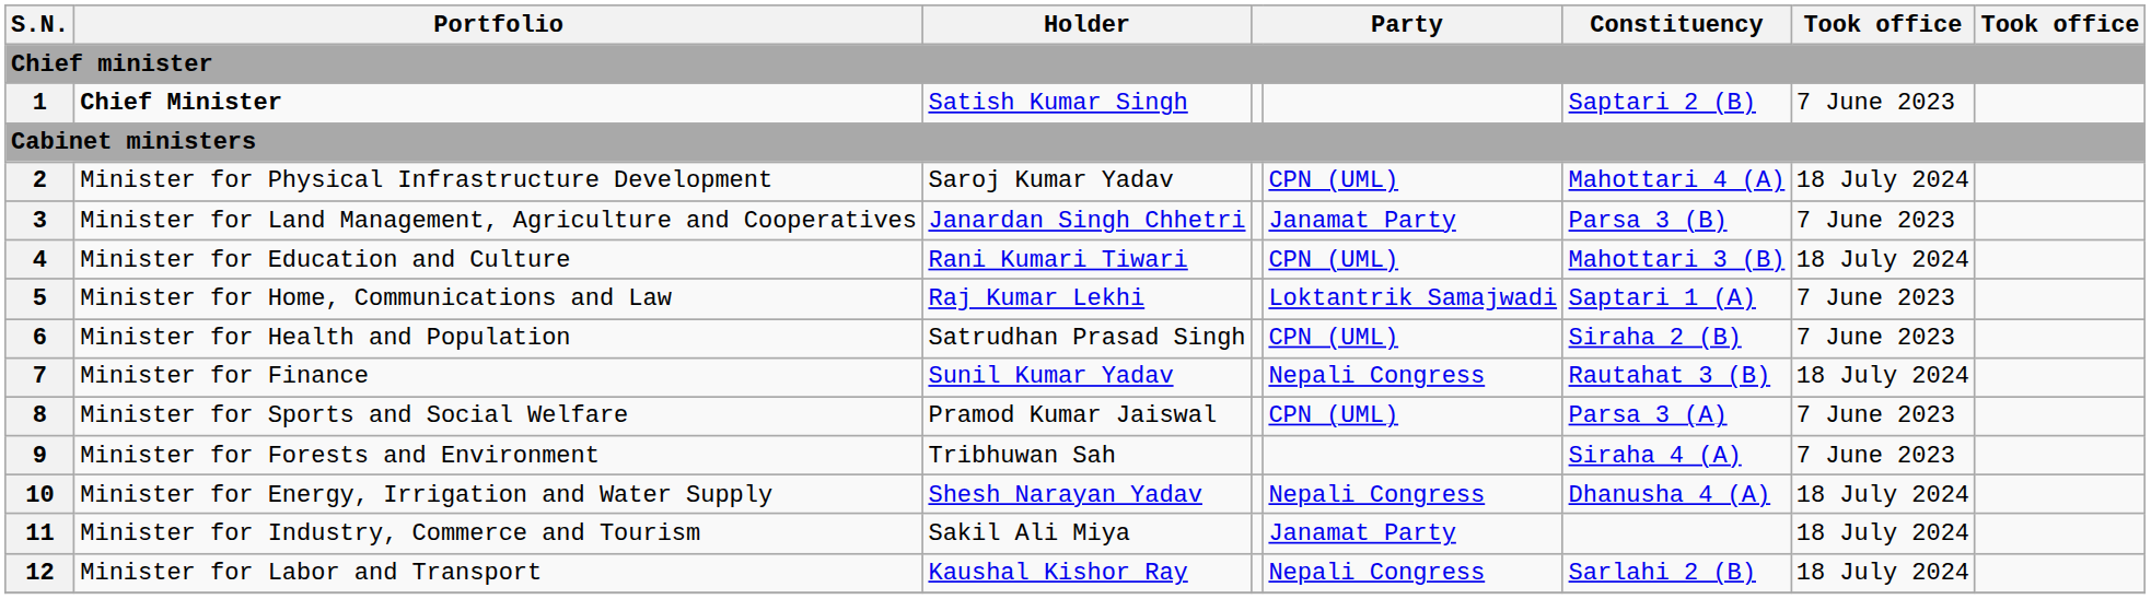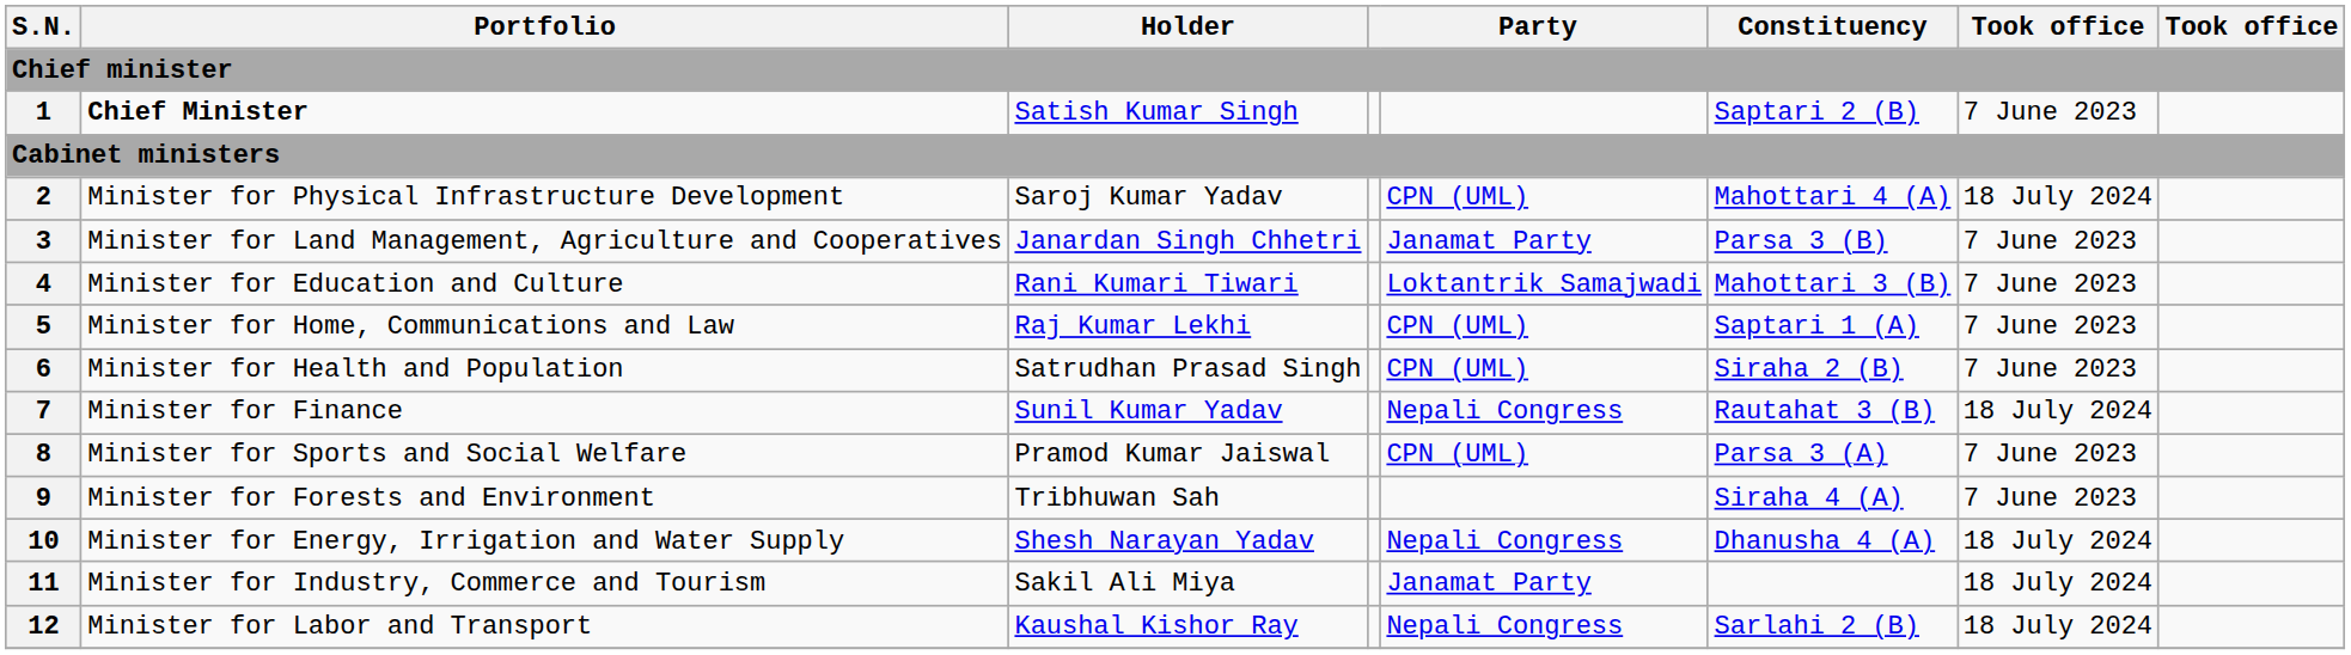 <table class="wikitable">
 <tr>
 <th>S.N.</th>
 <th>Portfolio</th>
 <th>Holder</th>
 <th colspan="2">Party</th>
 <th>Constituency</th>
 <th>Took office</th>
 <th>Took office</th>
 </tr>
 <tr>
 <td colspan="8" bgcolor="darkgrey"><strong>Chief minister</strong></td>
 </tr>
 <tr>
 <th>1</th>
 <td><strong>Chief Minister</strong></td>
 <td><a href='#'>Satish Kumar Singh</a></td>
 <td></td>
 <td></td>
 <td><a href='#'>Saptari 2 (B)</a></td>
 <td>7 June 2023</td>
 <td></td>
 </tr>
 <tr>
 <td colspan="8" bgcolor="darkgrey"><strong>Cabinet ministers</strong></td>
 </tr>
 <tr>
 <th>2</th>
 <td>Minister for Physical Infrastructure Development</td>
 <td>Saroj Kumar Yadav</td>
 <td></td>
 <td><a href='#'>CPN (UML)</a></td>
 <td><a href='#'>Mahottari 4 (A)</a></td>
 <td>18 July 2024</td>
 <td></td>
 </tr>
 <tr>
 <th>3</th>
 <td>Minister for Land Management, Agriculture and Cooperatives</td>
 <td><a href='#'>Janardan Singh Chhetri</a></td>
 <td></td>
 <td><a href='#'>Janamat Party</a></td>
 <td><a href='#'>Parsa 3 (B)</a></td>
 <td>7 June 2023</td>
 <td></td>
 </tr>
 <tr>
 <th>4</th>
 <td>Minister for Education and Culture</td>
 <td><a href='#'>Rani Kumari Tiwari</a></td>
 <td></td>
-<td><a href='#'>CPN (UML)</a></td>
+<td><a href='#'>Loktantrik Samajwadi</a></td>
 <td><a href='#'>Mahottari 3 (B)</a></td>
-<td>18 July 2024</td>
+<td>7 June 2023</td>
 <td></td>
 </tr>
 <tr>
 <th>5</th>
 <td>Minister for Home, Communications and Law</td>
 <td><a href='#'>Raj Kumar Lekhi</a></td>
 <td></td>
-<td><a href='#'>Loktantrik Samajwadi</a></td>
+<td><a href='#'>CPN (UML)</a></td>
 <td><a href='#'>Saptari 1 (A)</a></td>
 <td>7 June 2023</td>
 <td></td>
 </tr>
 <tr>
 <th>6</th>
 <td>Minister for Health and Population</td>
 <td>Satrudhan Prasad Singh</td>
 <td></td>
 <td><a href='#'>CPN (UML)</a></td>
 <td><a href='#'>Siraha 2 (B)</a></td>
 <td>7 June 2023</td>
 <td></td>
 </tr>
 <tr>
 <th>7</th>
 <td>Minister for Finance</td>
 <td><a href='#'>Sunil Kumar Yadav</a></td>
 <td></td>
 <td><a href='#'>Nepali Congress</a></td>
 <td><a href='#'>Rautahat 3 (B)</a></td>
 <td>18 July 2024</td>
 <td></td>
 </tr>
 <tr>
 <th>8</th>
 <td>Minister for Sports and Social Welfare</td>
 <td>Pramod Kumar Jaiswal</td>
 <td></td>
 <td><a href='#'>CPN (UML)</a></td>
 <td><a href='#'>Parsa 3 (A)</a></td>
 <td>7 June 2023</td>
 <td></td>
 </tr>
 <tr>
 <th>9</th>
 <td>Minister for Forests and Environment</td>
 <td>Tribhuwan Sah</td>
 <td></td>
 <td></td>
 <td><a href='#'>Siraha 4 (A)</a></td>
 <td>7 June 2023</td>
 <td></td>
 </tr>
 <tr>
 <th>10</th>
 <td>Minister for Energy, Irrigation and Water Supply</td>
 <td><a href='#'>Shesh Narayan Yadav</a></td>
 <td></td>
 <td><a href='#'>Nepali Congress</a></td>
 <td><a href='#'>Dhanusha 4 (A)</a></td>
 <td>18 July 2024</td>
 <td></td>
 </tr>
 <tr>
 <th>11</th>
 <td>Minister for Industry, Commerce and Tourism</td>
 <td>Sakil Ali Miya</td>
 <td></td>
 <td><a href='#'>Janamat Party</a></td>
 <td></td>
 <td>18 July 2024</td>
 <td></td>
 </tr>
 <tr>
 <th>12</th>
 <td>Minister for Labor and Transport</td>
 <td><a href='#'>Kaushal Kishor Ray</a></td>
 <td></td>
 <td><a href='#'>Nepali Congress</a></td>
 <td><a href='#'>Sarlahi 2 (B)</a></td>
 <td>18 July 2024</td>
 <td></td>
 </tr>
 <tr>
 </tr>
 </table>
